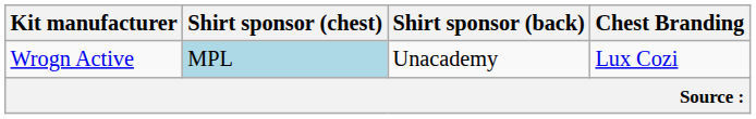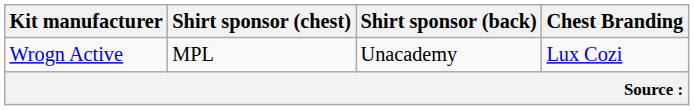 <table class="wikitable"  style="font-size:85%;">
 <tr>
 <th>Kit manufacturer</th>
 <th>Shirt sponsor (chest)</th>
 <th>Shirt sponsor (back)</th>
 <th>Chest Branding</th>
 </tr>
 <tr>
 <td><a href='#'>Wrogn Active</a></td>
-<td style="background: lightblue;">MPL</td>
+<td>MPL</td>
 <td>Unacademy</td>
 <td><a href='#'>Lux Cozi</a></td>
 </tr>
 <tr>
 <th colspan="4" style="text-align:right;"><small>Source : </small></th>
 </tr>
 </table>
